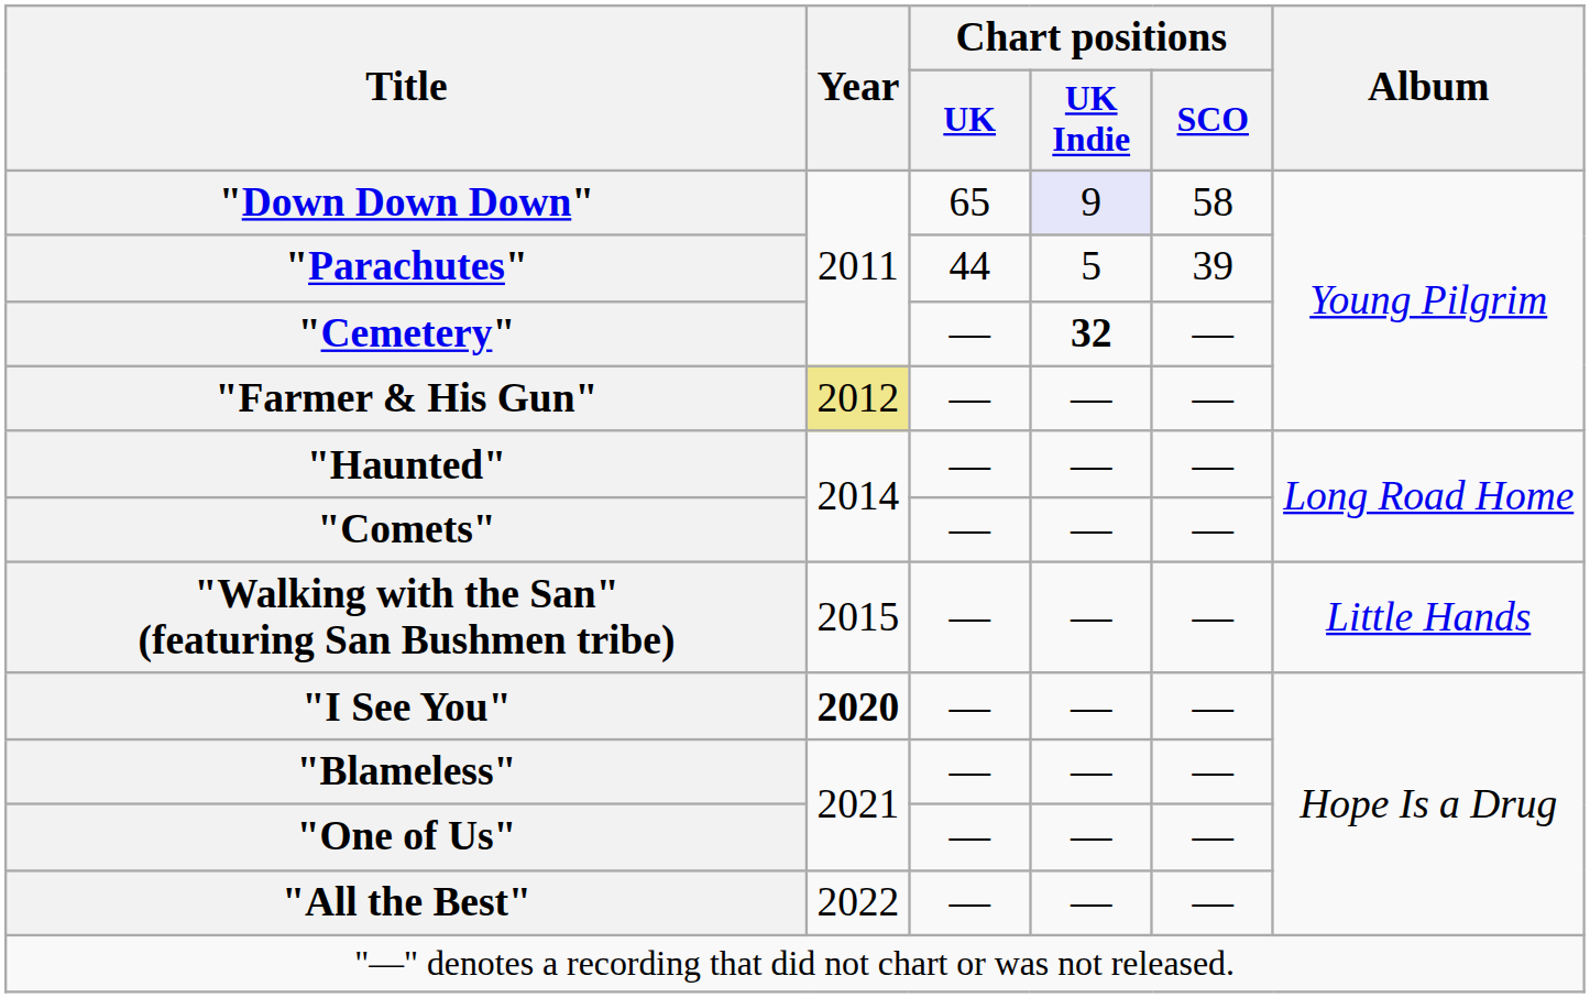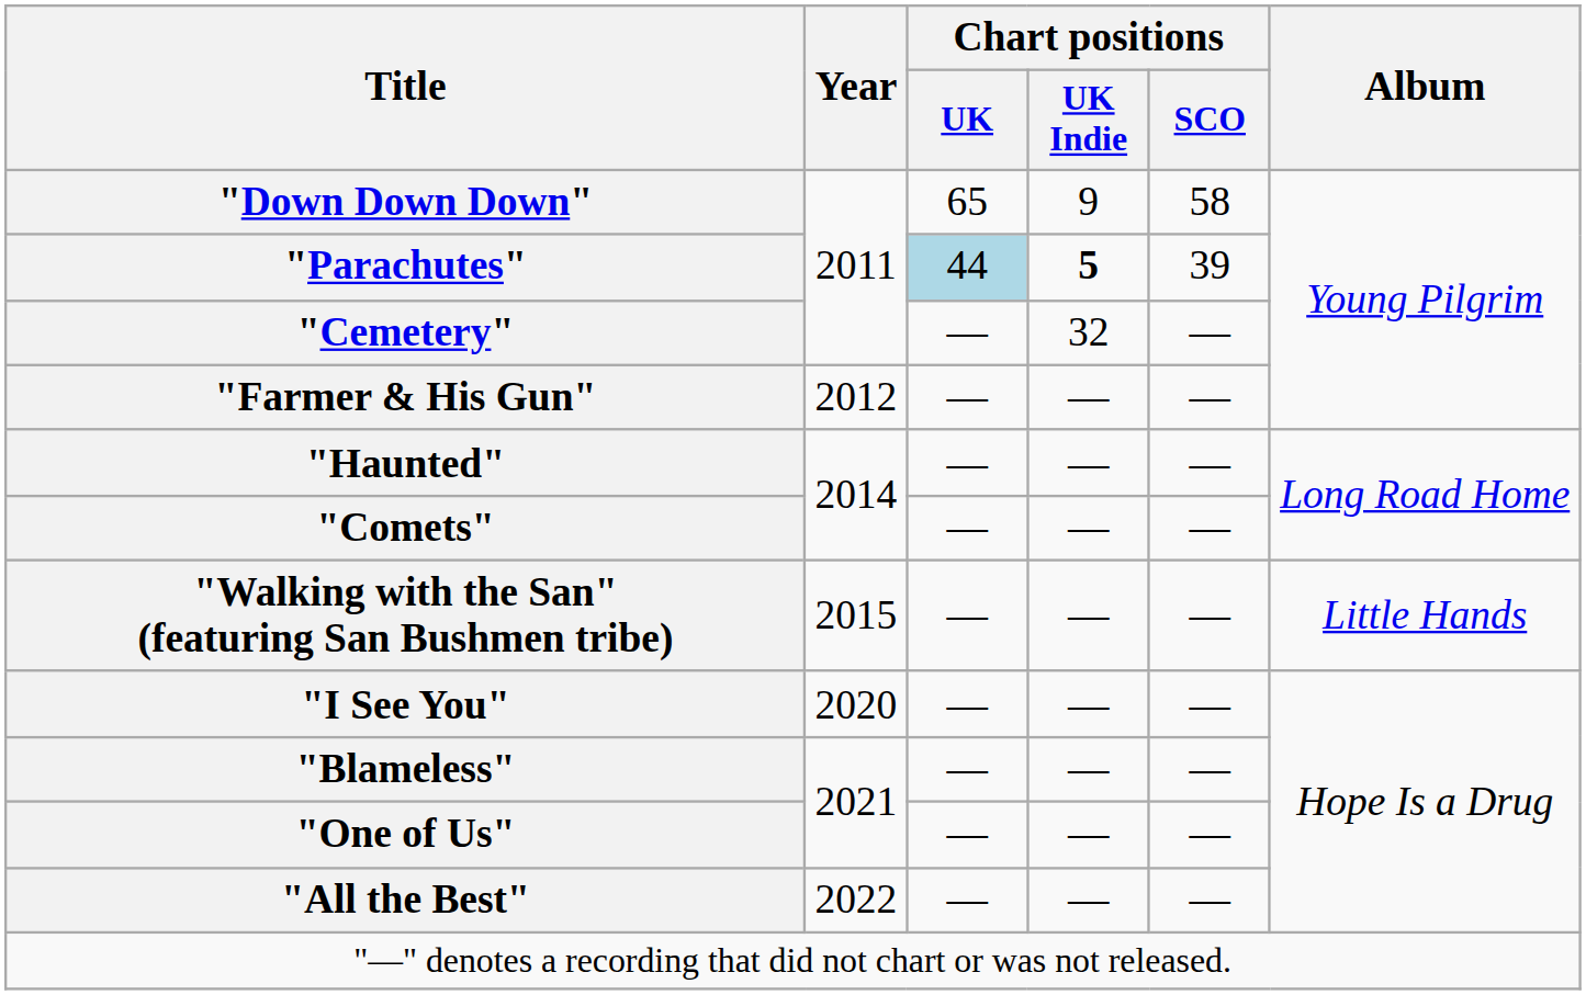 <table class="wikitable plainrowheaders" style="text-align:center;">
 <tr>
 <th scope="col" rowspan="2" style="width:19em;">Title</th>
 <th scope="col" rowspan="2" style="width:1em;">Year</th>
 <th scope="col" colspan="3">Chart positions</th>
 <th scope="col" rowspan="2">Album</th>
 </tr>
 <tr>
 <th scope="col" style="width:3em;font-size:85%;"><a href='#'>UK</a><br></th>
 <th scope="col" style="width:3em;font-size:85%;"><a href='#'>UK<br>Indie</a><br></th>
 <th scope="col" style="width:3em;font-size:85%;"><a href='#'>SCO</a><br></th>
 </tr>
 <tr>
 <th scope="row">"<a href='#'>Down Down Down</a>"</th>
 <td rowspan="3">2011</td>
 <td>65</td>
-<td style="background: lavender;">9</td>
+<td>9</td>
 <td>58</td>
 <td rowspan="4"><em><a href='#'>Young Pilgrim</a></em></td>
 </tr>
 <tr>
 <th scope="row">"<a href='#'>Parachutes</a>"</th>
-<td>44</td>
-<td>5</td>
+<td style="background: lightblue;">44</td>
+<td><strong>5</strong></td>
 <td>39</td>
 </tr>
 <tr>
 <th scope="row">"<a href='#'>Cemetery</a>"</th>
 <td>—</td>
-<td><strong>32</strong></td>
+<td>32</td>
 <td>—</td>
 </tr>
 <tr>
 <th scope="row">"Farmer & His Gun"</th>
-<td style="background: khaki;">2012</td>
+<td>2012</td>
 <td>—</td>
 <td>—</td>
 <td>—</td>
 </tr>
 <tr>
 <th scope="row">"Haunted"</th>
 <td rowspan="2">2014</td>
 <td>—</td>
 <td>—</td>
 <td>—</td>
 <td rowspan="2"><em><a href='#'>Long Road Home</a></em></td>
 </tr>
 <tr>
 <th scope="row">"Comets"</th>
 <td>—</td>
 <td>—</td>
 <td>—</td>
 </tr>
 <tr>
 <th scope="row">"Walking with the San"<br><span>(featuring San Bushmen tribe)</span></th>
 <td>2015</td>
 <td>—</td>
 <td>—</td>
 <td>—</td>
 <td><em><a href='#'>Little Hands</a></em></td>
 </tr>
 <tr>
 <th scope="row">"I See You"</th>
-<td><strong>2020</strong></td>
+<td>2020</td>
 <td>—</td>
 <td>—</td>
 <td>—</td>
 <td rowspan="4"><em>Hope Is a Drug</em></td>
 </tr>
 <tr>
 <th scope="row">"Blameless"</th>
 <td rowspan="2">2021</td>
 <td>—</td>
 <td>—</td>
 <td>—</td>
 </tr>
 <tr>
 <th scope="row">"One of Us"</th>
 <td>—</td>
 <td>—</td>
 <td>—</td>
 </tr>
 <tr>
 <th scope="row">"All the Best"</th>
 <td rowspan="1">2022</td>
 <td>—</td>
 <td>—</td>
 <td>—</td>
 </tr>
 <tr>
 <td colspan="20" style="text-align:center; font-size:85%;">"—" denotes a recording that did not chart or was not released.</td>
 </tr>
 </table>
